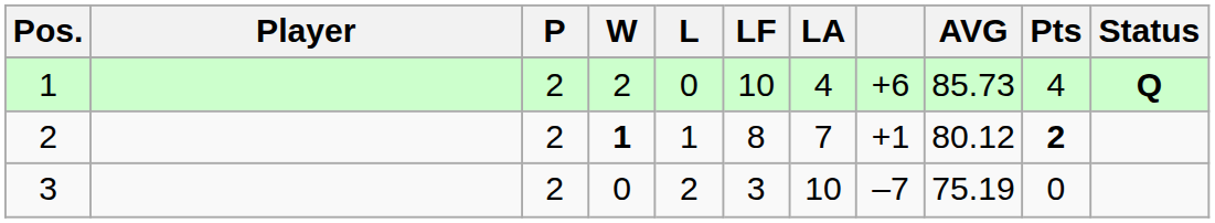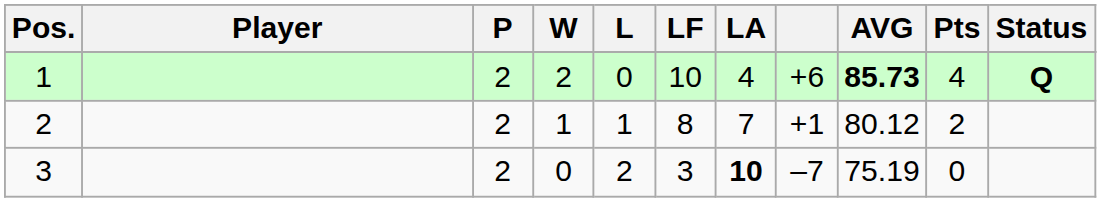 <table class="wikitable" style="text-align:center; margin: 1em auto 1em auto, align:left">
 <tr>
 <th width=25>Pos.</th>
 <th width=200>Player</th>
 <th width=25>P</th>
 <th width=25>W</th>
 <th width=25>L</th>
 <th width=25>LF</th>
 <th width=25>LA</th>
 <th width=25></th>
 <th width=35>AVG</th>
 <th width=25>Pts</th>
 <th width=50>Status</th>
 </tr>
 <tr>
 </tr>
 <tr style="background-color:#ccffcc">
 <td>1</td>
 <td align=left></td>
 <td>2</td>
 <td>2</td>
 <td>0</td>
 <td>10</td>
 <td>4</td>
 <td>+6</td>
-<td>85.73</td>
+<td><strong>85.73</strong></td>
 <td>4</td>
 <td><strong>Q</strong></td>
 </tr>
 <tr style=>
 <td>2</td>
 <td align=left></td>
 <td>2</td>
-<td><strong>1</strong></td>
+<td>1</td>
 <td>1</td>
 <td>8</td>
 <td>7</td>
 <td>+1</td>
 <td>80.12</td>
-<td><strong>2</strong></td>
+<td>2</td>
 <td></td>
 </tr>
 <tr style=>
 <td>3</td>
 <td align=left></td>
 <td>2</td>
 <td>0</td>
 <td>2</td>
 <td>3</td>
-<td>10</td>
+<td><strong>10</strong></td>
 <td>–7</td>
 <td>75.19</td>
 <td>0</td>
 <td></td>
 </tr>
 </table>
